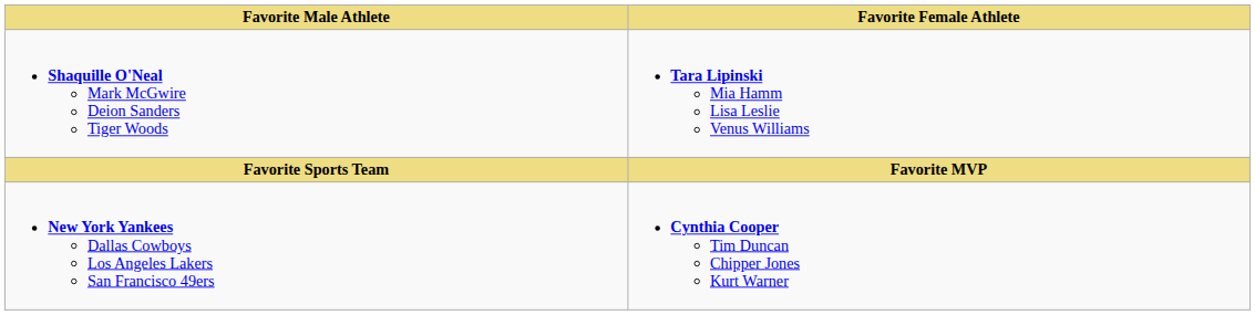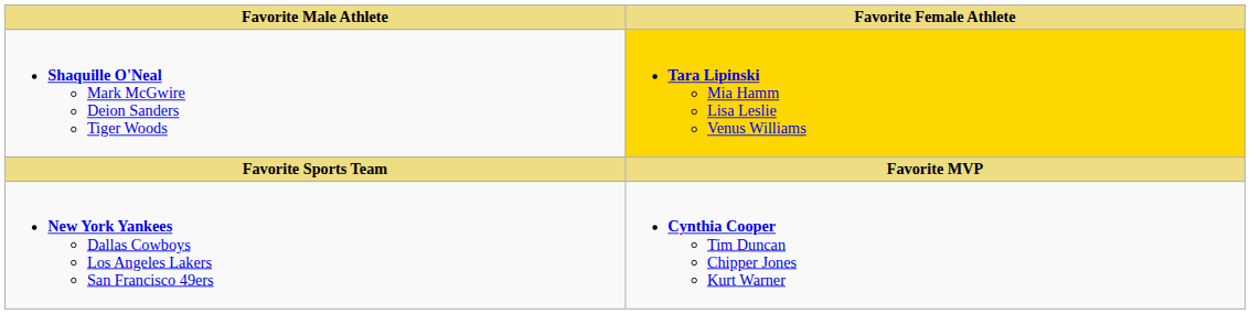 <table class="wikitable" style="width:100%">
 <tr>
 <th style="background:#EEDD82; width:50%">Favorite Male Athlete</th>
 <th style="background:#EEDD82; width:50%">Favorite Female Athlete</th>
 </tr>
 <tr>
 <td valign="top"><br><ul><li><strong><a href='#'>Shaquille O'Neal</a></strong><ul><li><a href='#'>Mark McGwire</a></li><li><a href='#'>Deion Sanders</a></li><li><a href='#'>Tiger Woods</a></li></ul></li></ul></td>
-<td valign="top"><br><ul><li><strong><a href='#'>Tara Lipinski</a></strong><ul><li><a href='#'>Mia Hamm</a></li><li><a href='#'>Lisa Leslie</a></li><li><a href='#'>Venus Williams</a></li></ul></li></ul></td>
+<td valign="top" style="background: gold;"><br><ul><li><strong><a href='#'>Tara Lipinski</a></strong><ul><li><a href='#'>Mia Hamm</a></li><li><a href='#'>Lisa Leslie</a></li><li><a href='#'>Venus Williams</a></li></ul></li></ul></td>
 </tr>
 <tr>
 <th style="background:#EEDD82; width:50%">Favorite Sports Team</th>
 <th style="background:#EEDD82; width:50%">Favorite MVP</th>
 </tr>
 <tr>
 <td valign="top"><br><ul><li><strong><a href='#'>New York Yankees</a></strong><ul><li><a href='#'>Dallas Cowboys</a></li><li><a href='#'>Los Angeles Lakers</a></li><li><a href='#'>San Francisco 49ers</a></li></ul></li></ul></td>
 <td valign="top"><br><ul><li><strong><a href='#'>Cynthia Cooper</a></strong><ul><li><a href='#'>Tim Duncan</a></li><li><a href='#'>Chipper Jones</a></li><li><a href='#'>Kurt Warner</a></li></ul></li></ul></td>
 </tr>
 </table>
